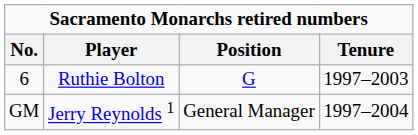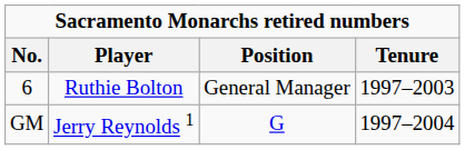 <table class="wikitable" style="text-align:center">
 <tr>
 <td colspan="4"><strong>Sacramento Monarchs retired numbers</strong></td>
 </tr>
 <tr>
 <th>No.</th>
 <th>Player</th>
 <th>Position</th>
 <th>Tenure</th>
 </tr>
 <tr>
 <td>6</td>
 <td><a href='#'>Ruthie Bolton</a></td>
-<td><a href='#'>G</a></td>
+<td>General Manager</td>
 <td>1997–2003</td>
 </tr>
 <tr>
 <td>GM</td>
 <td><a href='#'>Jerry Reynolds</a> <sup>1</sup></td>
-<td>General Manager</td>
+<td><a href='#'>G</a></td>
 <td>1997–2004</td>
 </tr>
 </table>
